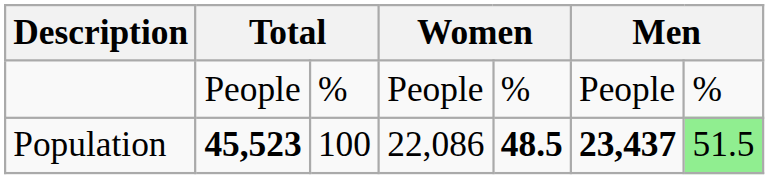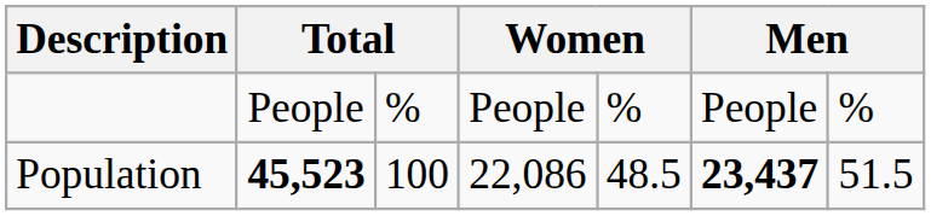 <table class="wikitable">
 <tr>
 <th>Description</th>
 <th colspan=2>Total</th>
 <th colspan=2>Women</th>
 <th colspan=2>Men</th>
 </tr>
 <tr>
 <td></td>
 <td>People</td>
 <td>%</td>
 <td>People</td>
 <td>%</td>
 <td>People</td>
 <td>%</td>
 </tr>
 <tr ->
 <td>Population</td>
 <td><strong>45,523</strong></td>
 <td>100</td>
 <td>22,086</td>
-<td><strong>48.5</strong></td>
+<td>48.5</td>
 <td><strong>23,437</strong></td>
-<td style="background: lightgreen;">51.5</td>
+<td>51.5</td>
 </tr>
 </table>
